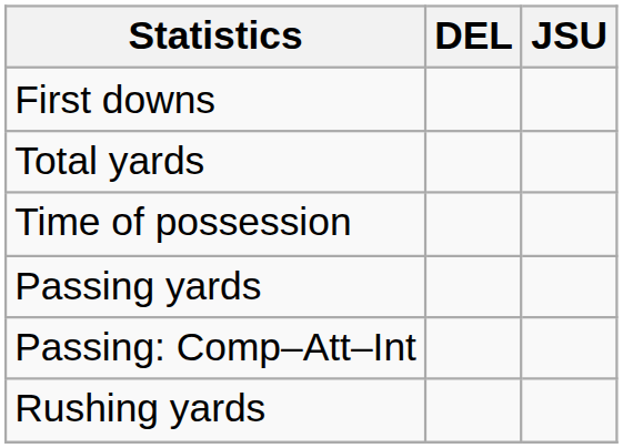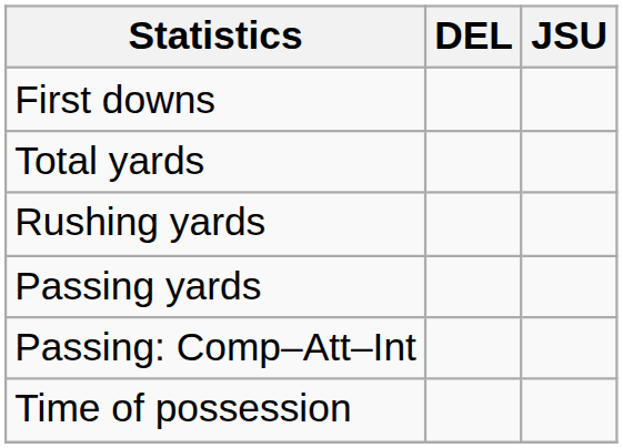 <table class="wikitable" style="float: left;">
 <tr>
 <th>Statistics</th>
 <th>DEL</th>
 <th>JSU</th>
 </tr>
 <tr>
 <td>First downs</td>
 <td></td>
 <td></td>
 </tr>
 <tr>
 <td>Total yards</td>
 <td></td>
 <td></td>
 </tr>
 <tr>
-<td>Time of possession</td>
+<td>Rushing yards</td>
 <td></td>
 <td></td>
 </tr>
 <tr>
 <td>Passing yards</td>
 <td></td>
 <td></td>
 </tr>
 <tr>
 <td>Passing: Comp–Att–Int</td>
 <td></td>
 <td></td>
 </tr>
 <tr>
-<td>Rushing yards</td>
+<td>Time of possession</td>
 <td></td>
 <td></td>
 </tr>
 <tr>
 </tr>
 </table>
